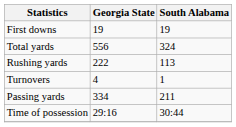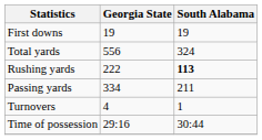 <table class="wikitable">
 <tr>
 <th>Statistics</th>
 <th>Georgia State</th>
 <th>South Alabama</th>
 </tr>
 <tr>
 <td>First downs</td>
 <td>19</td>
 <td>19</td>
 </tr>
 <tr>
 <td>Total yards</td>
 <td>556</td>
 <td>324</td>
 </tr>
 <tr>
 <td>Rushing yards</td>
 <td>222</td>
-<td>113</td>
+<td><strong>113</strong></td>
+</tr>
+<tr>
+<td>Passing yards</td>
+<td>334</td>
+<td>211</td>
 </tr>
 <tr>
 <td>Turnovers</td>
 <td>4</td>
 <td>1</td>
-</tr>
-<tr>
-<td>Passing yards</td>
-<td>334</td>
-<td>211</td>
 </tr>
 <tr>
 <td>Time of possession</td>
 <td>29:16</td>
 <td>30:44</td>
 </tr>
 <tr>
 </tr>
 </table>
